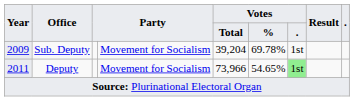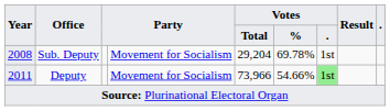 <table class="wikitable" style="font-size:90%; text-align:center;">
 <tr>
 <th style="background-color:#EAECF0;" rowspan=2>Year</th>
 <th style="background-color:#EAECF0;" rowspan=2>Office</th>
 <th style="background-color:#EAECF0;" colspan=2 rowspan=2>Party</th>
 <th style="background-color:#EAECF0;" colspan=3>Votes</th>
 <th style="background-color:#EAECF0;" rowspan=2>Result</th>
 <th style="background-color:#EAECF0;" rowspan=2>.</th>
 </tr>
 <tr>
 <th style="background-color:#EAECF0;">Total</th>
 <th style="background-color:#EAECF0;">%</th>
 <th style="background-color:#EAECF0;">.</th>
 </tr>
 <tr>
-<td style="background-color:#EAECF0;"><a href='#'>2009</a></td>
+<td style="background-color:#EAECF0;"><a href='#'>2008</a></td>
 <td><a href='#'>Sub. Deputy</a></td>
 <td style="background-color:"></td>
 <td><a href='#'>Movement for Socialism</a></td>
-<td>39,204</td>
+<td>29,204</td>
 <td>69.78%</td>
 <td>1st</td>
 <td></td>
 <td></td>
 </tr>
 <tr>
 <td style="background-color:#EAECF0;"><a href='#'>2011</a></td>
 <td><a href='#'>Deputy</a></td>
 <td style="background-color:"></td>
 <td><a href='#'>Movement for Socialism</a></td>
 <td>73,966</td>
-<td>54.65%</td>
+<td>54.66%</td>
 <td style="background: lightgreen;">1st</td>
 <td></td>
 <td></td>
 </tr>
 <tr>
 <td style="background-color:#EAECF0;" colspan=9><strong>Source:</strong> <a href='#'>Plurinational Electoral Organ</a>  </td>
 </tr>
 </table>
